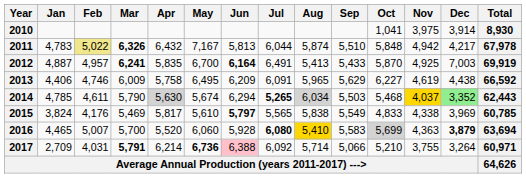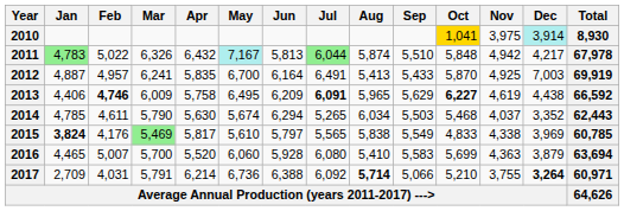 <table class=wikitable style="text-align:right; font-size:0.9em; width:700px;">
 <tr>
 <th>Year</th>
 <th>Jan</th>
 <th>Feb</th>
 <th>Mar</th>
 <th>Apr</th>
 <th>May</th>
 <th>Jun</th>
 <th>Jul</th>
 <th>Aug</th>
 <th>Sep</th>
 <th>Oct</th>
 <th>Nov</th>
 <th>Dec</th>
 <th>Total</th>
 </tr>
 <tr>
 <th>2010</th>
 <td></td>
 <td></td>
 <td></td>
 <td></td>
 <td></td>
 <td></td>
 <td></td>
 <td></td>
 <td></td>
-<td>1,041</td>
+<td style="background: gold;">1,041</td>
 <td>3,975</td>
-<td>3,914</td>
+<td style="background: paleturquoise;">3,914</td>
 <th>8,930</th>
 </tr>
 <tr>
 <th>2011</th>
-<td>4,783</td>
-<td style="background: khaki;">5,022</td>
-<td><strong>6,326</strong></td>
+<td style="background: lightgreen;">4,783</td>
+<td>5,022</td>
+<td>6,326</td>
 <td>6,432</td>
-<td>7,167</td>
+<td style="background: paleturquoise;">7,167</td>
 <td>5,813</td>
-<td>6,044</td>
+<td style="background: lightgreen;">6,044</td>
 <td>5,874</td>
 <td>5,510</td>
 <td>5,848</td>
 <td>4,942</td>
 <td>4,217</td>
 <th>67,978</th>
 </tr>
 <tr>
 <th>2012</th>
 <td>4,887</td>
 <td>4,957</td>
-<td><strong>6,241</strong></td>
+<td>6,241</td>
 <td>5,835</td>
 <td>6,700</td>
-<td><strong>6,164</strong></td>
+<td>6,164</td>
 <td>6,491</td>
 <td>5,413</td>
 <td>5,433</td>
 <td>5,870</td>
 <td>4,925</td>
 <td>7,003</td>
 <th>69,919</th>
 </tr>
 <tr>
 <th>2013</th>
 <td>4,406</td>
-<td>4,746</td>
+<td><strong>4,746</strong></td>
 <td>6,009</td>
 <td>5,758</td>
 <td>6,495</td>
 <td>6,209</td>
-<td>6,091</td>
+<td><strong>6,091</strong></td>
 <td>5,965</td>
 <td>5,629</td>
-<td>6,227</td>
+<td><strong>6,227</strong></td>
 <td>4,619</td>
 <td>4,438</td>
 <th>66,592</th>
 </tr>
 <tr>
 <th>2014</th>
 <td>4,785</td>
 <td>4,611</td>
 <td>5,790</td>
-<td style="background: lightgrey;">5,630</td>
+<td>5,630</td>
 <td>5,674</td>
 <td>6,294</td>
-<td><strong>5,265</strong></td>
-<td style="background: lightgrey;">6,034</td>
+<td>5,265</td>
+<td>6,034</td>
 <td>5,503</td>
 <td>5,468</td>
-<td style="background: gold;">4,037</td>
-<td style="background: lightgreen;">3,352</td>
+<td>4,037</td>
+<td>3,352</td>
 <th>62,443</th>
 </tr>
 <tr>
 <th>2015</th>
-<td>3,824</td>
+<td><strong>3,824</strong></td>
 <td>4,176</td>
-<td>5,469</td>
+<td style="background: lightgreen;">5,469</td>
 <td>5,817</td>
 <td>5,610</td>
-<td><strong>5,797</strong></td>
+<td>5,797</td>
 <td>5,565</td>
 <td>5,838</td>
 <td>5,549</td>
 <td>4,833</td>
 <td>4,338</td>
 <td>3,969</td>
 <th>60,785</th>
 </tr>
 <tr>
 <th>2016</th>
 <td>4,465</td>
 <td>5,007</td>
 <td>5,700</td>
 <td>5,520</td>
 <td>6,060</td>
 <td>5,928</td>
-<td><strong>6,080</strong></td>
-<td style="background: gold;">5,410</td>
+<td>6,080</td>
+<td>5,410</td>
 <td>5,583</td>
-<td style="background: lightgrey;">5,699</td>
+<td>5,699</td>
 <td>4,363</td>
-<td><strong>3,879</strong></td>
+<td>3,879</td>
 <th>63,694</th>
 </tr>
 <tr>
 <th>2017</th>
 <td>2,709</td>
 <td>4,031</td>
-<td><strong>5,791</strong></td>
+<td>5,791</td>
 <td>6,214</td>
-<td><strong>6,736</strong></td>
-<td style="background: pink;">6,388</td>
+<td>6,736</td>
+<td>6,388</td>
 <td>6,092</td>
-<td>5,714</td>
+<td><strong>5,714</strong></td>
 <td>5,066</td>
 <td>5,210</td>
 <td>3,755</td>
-<td>3,264</td>
+<td><strong>3,264</strong></td>
 <th>60,971</th>
 </tr>
 <tr>
 <th colspan=13>Average Annual Production (years 2011-2017) ---></th>
 <th>64,626</th>
 </tr>
 </table>
